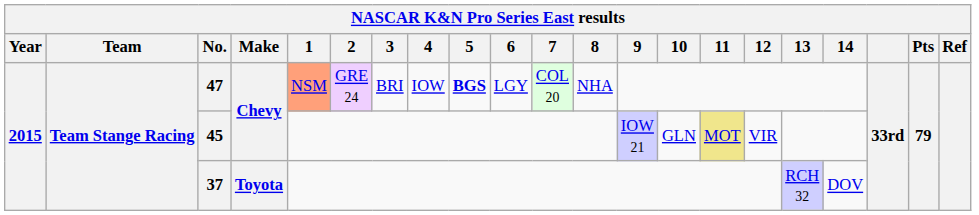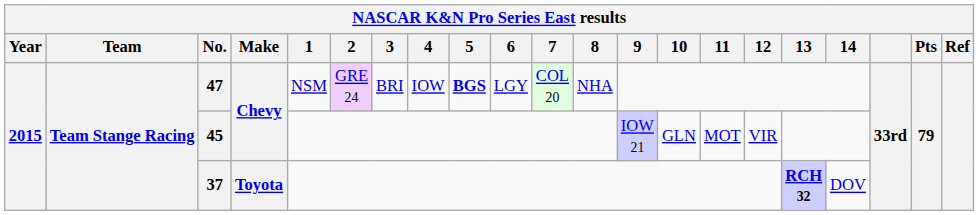 <table class="wikitable" style="text-align:center; font-size:75%">
 <tr>
 <th colspan=45><a href='#'>NASCAR K&N Pro Series East</a> results</th>
 </tr>
 <tr>
 <th>Year</th>
 <th>Team</th>
 <th>No.</th>
 <th>Make</th>
 <th>1</th>
 <th>2</th>
 <th>3</th>
 <th>4</th>
 <th>5</th>
 <th>6</th>
 <th>7</th>
 <th>8</th>
 <th>9</th>
 <th>10</th>
 <th>11</th>
 <th>12</th>
 <th>13</th>
 <th>14</th>
 <th></th>
 <th>Pts</th>
 <th>Ref</th>
 </tr>
 <tr>
 <th rowspan=3><a href='#'>2015</a></th>
 <th rowspan=3><a href='#'>Team Stange Racing</a></th>
 <th>47</th>
 <th rowspan=2><a href='#'>Chevy</a></th>
-<td style="background: lightsalmon;"><a href='#'>NSM</a></td>
+<td><a href='#'>NSM</a></td>
 <td style="background:#EFCFFF;"><a href='#'>GRE</a><br><small>24</small></td>
 <td><a href='#'>BRI</a></td>
 <td><a href='#'>IOW</a></td>
 <td><strong><a href='#'>BGS</a></strong></td>
 <td><a href='#'>LGY</a></td>
 <td style="background:#DFFFDF;"><a href='#'>COL</a><br><small>20</small></td>
 <td><a href='#'>NHA</a></td>
 <td colspan=6></td>
 <th rowspan=3>33rd</th>
 <th rowspan=3>79</th>
 <th rowspan=3></th>
 </tr>
 <tr>
 <th>45</th>
 <td colspan=8></td>
 <td style="background:#CFCFFF;"><a href='#'>IOW</a><br><small>21</small></td>
 <td><a href='#'>GLN</a></td>
-<td style="background: khaki;"><a href='#'>MOT</a></td>
+<td><a href='#'>MOT</a></td>
 <td><a href='#'>VIR</a></td>
 <td colspan=2></td>
 </tr>
 <tr>
 <th>37</th>
 <th><a href='#'>Toyota</a></th>
 <td colspan=12></td>
-<td style="background:#CFCFFF;"><a href='#'>RCH</a><br><small>32</small></td>
+<td style="background:#CFCFFF;"><strong><a href='#'>RCH</a><br><small>32</small></strong></td>
 <td><a href='#'>DOV</a></td>
 </tr>
 </table>
